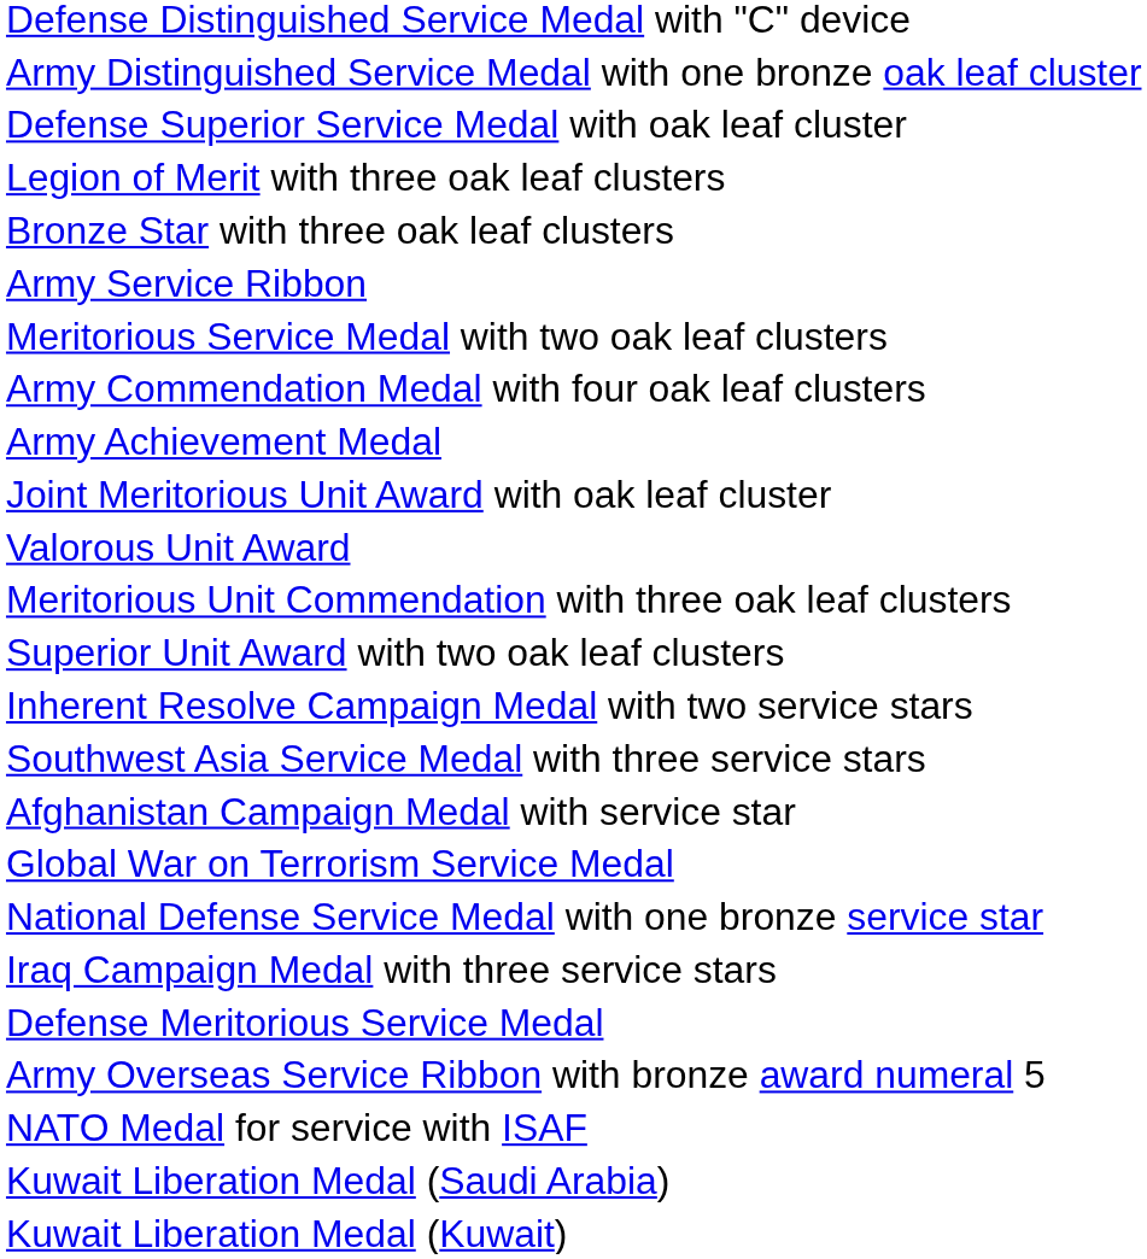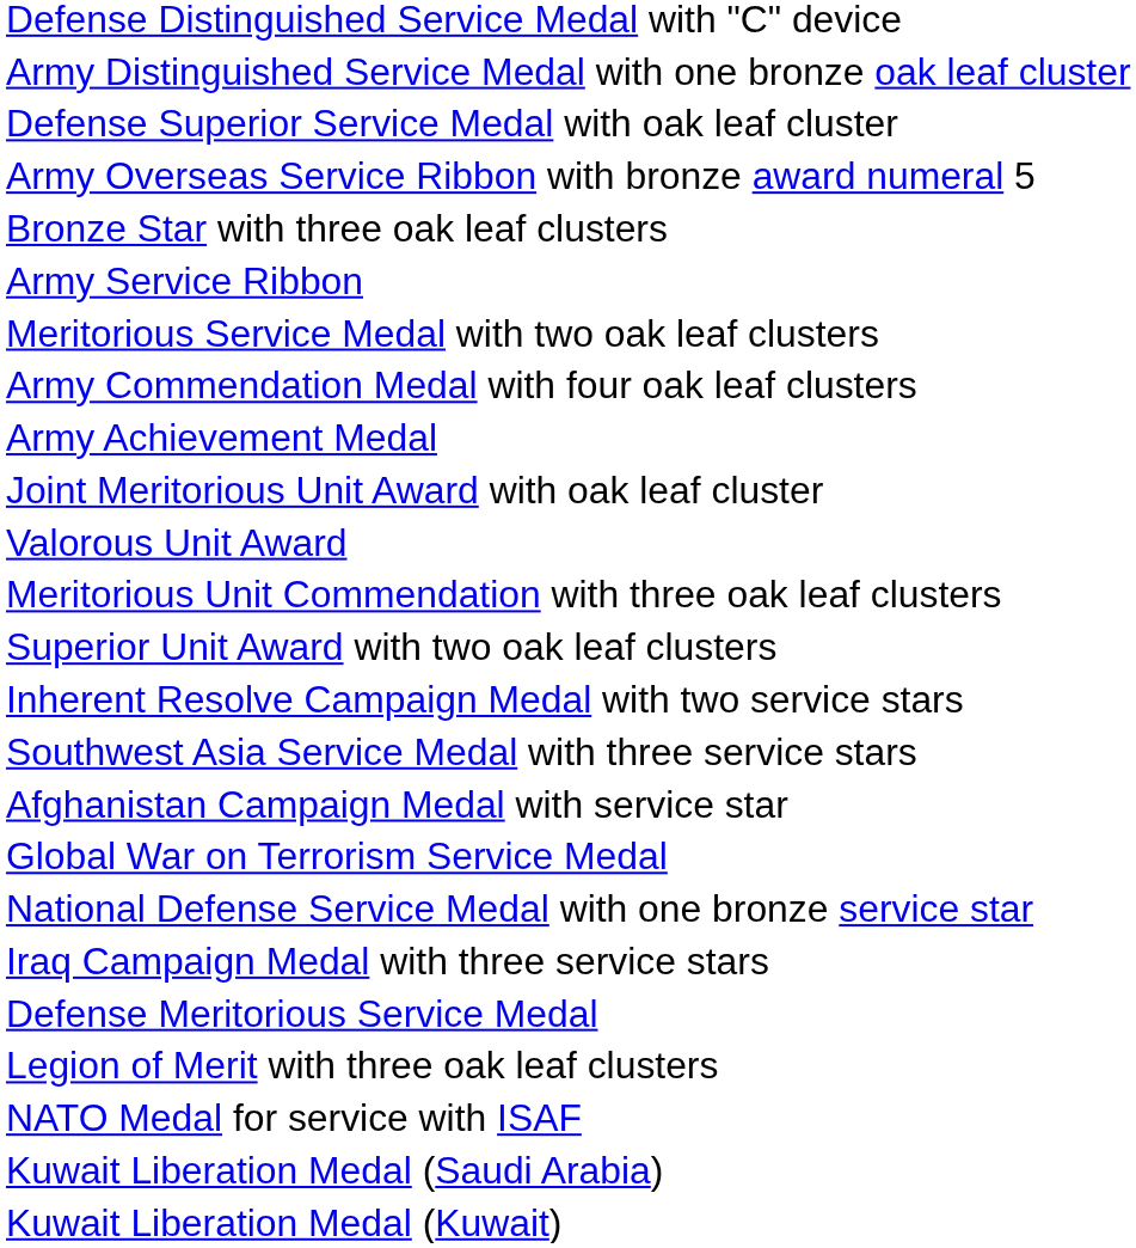 <table>
 <tr>
 <td><span></span> <a href='#'>Defense Distinguished Service Medal</a> with "C" device</td>
 </tr>
 <tr>
 <td> <a href='#'>Army Distinguished Service Medal</a> with one bronze <a href='#'>oak leaf cluster</a></td>
 </tr>
 <tr>
 <td> <a href='#'>Defense Superior Service Medal</a> with oak leaf cluster</td>
 </tr>
 <tr>
-<td><span></span><span></span><span></span> <a href='#'>Legion of Merit</a> with three oak leaf clusters</td>
+<td><span></span> <a href='#'>Army Overseas Service Ribbon</a> with bronze <a href='#'>award numeral</a> 5</td>
 </tr>
 <tr>
 <td><span></span><span></span><span></span> <a href='#'>Bronze Star</a> with three oak leaf clusters</td>
 </tr>
 <tr>
 <td> <a href='#'>Army Service Ribbon</a></td>
 </tr>
 <tr>
 <td><span></span><span></span> <a href='#'>Meritorious Service Medal</a> with two oak leaf clusters</td>
 </tr>
 <tr>
 <td><span></span><span></span><span></span><span></span> <a href='#'>Army Commendation Medal</a> with four oak leaf clusters</td>
 </tr>
 <tr>
 <td> <a href='#'>Army Achievement Medal</a></td>
 </tr>
 <tr>
 <td> <a href='#'>Joint Meritorious Unit Award</a> with oak leaf cluster</td>
 </tr>
 <tr>
 <td> <a href='#'>Valorous Unit Award</a></td>
 </tr>
 <tr>
 <td><span></span><span></span><span></span> <a href='#'>Meritorious Unit Commendation</a> with three oak leaf clusters</td>
 </tr>
 <tr>
 <td><span></span><span></span> <a href='#'>Superior Unit Award</a> with two oak leaf clusters</td>
 </tr>
 <tr>
 <td><span></span><span></span> <a href='#'>Inherent Resolve Campaign Medal</a> with two service stars</td>
 </tr>
 <tr>
 <td><span></span><span></span><span></span> <a href='#'>Southwest Asia Service Medal</a> with three service stars</td>
 </tr>
 <tr>
 <td> <a href='#'>Afghanistan Campaign Medal</a> with service star</td>
 </tr>
 <tr>
 <td> <a href='#'>Global War on Terrorism Service Medal</a></td>
 </tr>
 <tr>
 <td> <a href='#'>National Defense Service Medal</a> with one bronze <a href='#'>service star</a></td>
 </tr>
 <tr>
 <td><span></span><span></span><span></span> <a href='#'>Iraq Campaign Medal</a> with three service stars</td>
 </tr>
 <tr>
 <td> <a href='#'>Defense Meritorious Service Medal</a></td>
 </tr>
 <tr>
-<td><span></span> <a href='#'>Army Overseas Service Ribbon</a> with bronze <a href='#'>award numeral</a> 5</td>
+<td><span></span><span></span><span></span> <a href='#'>Legion of Merit</a> with three oak leaf clusters</td>
 </tr>
 <tr>
 <td> <a href='#'>NATO Medal</a> for service with <a href='#'>ISAF</a></td>
 </tr>
 <tr>
 <td> <a href='#'>Kuwait Liberation Medal</a> (<a href='#'>Saudi Arabia</a>)</td>
 </tr>
 <tr>
 <td> <a href='#'>Kuwait Liberation Medal</a> (<a href='#'>Kuwait</a>)</td>
 </tr>
 </table>
